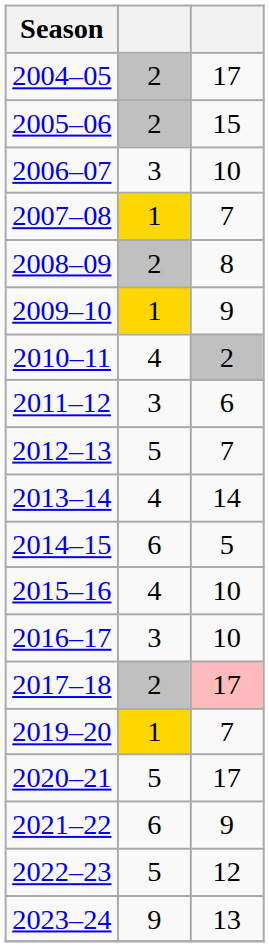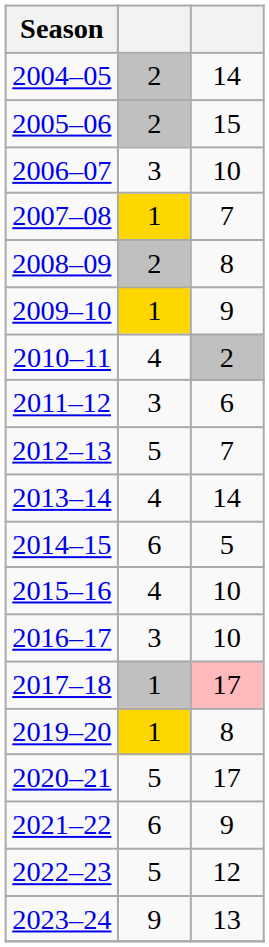 <table class="wikitable" style="text-align:center; font-size:90%; float:right; margin-left:1em">
 <tr>
 <th>Season</th>
 <th width="30"></th>
 <th width="30"></th>
 </tr>
 <tr>
 <td><a href='#'>2004–05</a></td>
 <td bgcolor="silver">2</td>
-<td>17</td>
+<td>14</td>
 </tr>
 <tr>
 <td><a href='#'>2005–06</a></td>
 <td bgcolor="silver">2</td>
 <td>15</td>
 </tr>
 <tr>
 <td><a href='#'>2006–07</a></td>
 <td>3</td>
 <td>10</td>
 </tr>
 <tr>
 <td><a href='#'>2007–08</a></td>
 <td bgcolor="gold">1</td>
 <td>7</td>
 </tr>
 <tr>
 <td><a href='#'>2008–09</a></td>
 <td bgcolor="silver">2</td>
 <td>8</td>
 </tr>
 <tr>
 <td><a href='#'>2009–10</a></td>
 <td bgcolor="gold">1</td>
 <td>9</td>
 </tr>
 <tr>
 <td><a href='#'>2010–11</a></td>
 <td>4</td>
 <td bgcolor="silver">2</td>
 </tr>
 <tr>
 <td><a href='#'>2011–12</a></td>
 <td>3</td>
 <td>6</td>
 </tr>
 <tr>
 <td><a href='#'>2012–13</a></td>
 <td>5</td>
 <td>7</td>
 </tr>
 <tr>
 <td><a href='#'>2013–14</a></td>
 <td>4</td>
 <td>14</td>
 </tr>
 <tr>
 <td><a href='#'>2014–15</a></td>
 <td>6</td>
 <td>5</td>
 </tr>
 <tr>
 <td><a href='#'>2015–16</a></td>
 <td>4</td>
 <td>10</td>
 </tr>
 <tr>
 <td><a href='#'>2016–17</a></td>
 <td>3</td>
 <td>10</td>
 </tr>
 <tr>
 <td><a href='#'>2017–18</a></td>
-<td bgcolor="silver">2</td>
+<td bgcolor="silver">1</td>
 <td bgcolor="FFBBBB">17</td>
 </tr>
 <tr>
 <td><a href='#'>2019–20</a></td>
 <td bgcolor=gold>1</td>
-<td>7</td>
+<td>8</td>
 </tr>
 <tr>
 <td><a href='#'>2020–21</a></td>
 <td>5</td>
 <td>17</td>
 </tr>
 <tr>
 <td><a href='#'>2021–22</a></td>
 <td>6</td>
 <td>9</td>
 </tr>
 <tr>
 <td><a href='#'>2022–23</a></td>
 <td>5</td>
 <td>12</td>
 </tr>
 <tr>
 <td><a href='#'>2023–24</a></td>
 <td>9</td>
 <td>13</td>
 </tr>
 <tr>
 </tr>
 </table>
